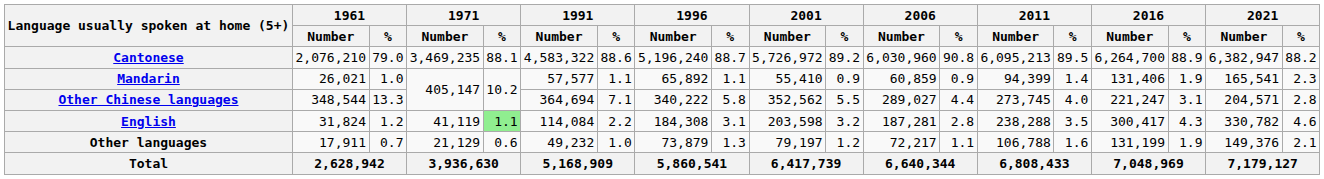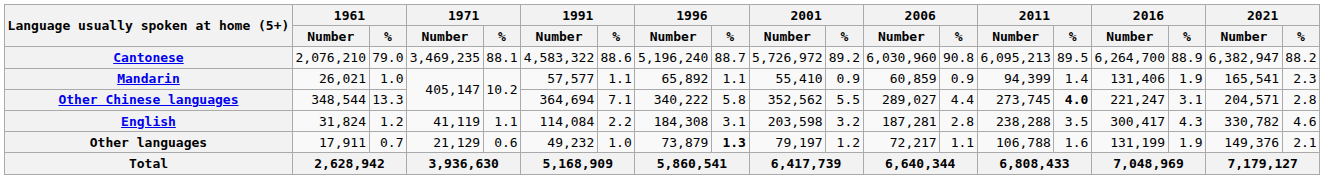 <table class="wikitable" style="text-align: right;">
 <tr bgcolor="#e0e0e0">
 <th rowspan="2">Language usually spoken at home (5+)</th>
 <th colspan="2">1961</th>
 <th colspan="2">1971</th>
 <th colspan="2">1991</th>
 <th colspan="2">1996</th>
 <th colspan="2">2001</th>
 <th colspan="2">2006</th>
 <th colspan="2">2011</th>
 <th colspan="2">2016</th>
 <th colspan="2">2021</th>
 </tr>
 <tr bgcolor="#e0e0e0">
 <th>Number</th>
 <th>%</th>
 <th>Number</th>
 <th>%</th>
 <th>Number</th>
 <th>%</th>
 <th>Number</th>
 <th>%</th>
 <th>Number</th>
 <th>%</th>
 <th>Number</th>
 <th>%</th>
 <th>Number</th>
 <th>%</th>
 <th>Number</th>
 <th>%</th>
 <th>Number</th>
 <th>%</th>
 </tr>
 <tr>
 <th align="left"><a href='#'>Cantonese</a></th>
 <td>2,076,210</td>
 <td>79.0</td>
 <td>3,469,235</td>
 <td>88.1</td>
 <td>4,583,322</td>
 <td>88.6</td>
 <td>5,196,240</td>
 <td>88.7</td>
 <td>5,726,972</td>
 <td>89.2</td>
 <td>6,030,960</td>
 <td>90.8</td>
 <td>6,095,213</td>
 <td>89.5</td>
 <td>6,264,700</td>
 <td>88.9</td>
 <td>6,382,947</td>
 <td>88.2</td>
 </tr>
 <tr>
 <th align="left"><a href='#'>Mandarin</a></th>
 <td>26,021</td>
 <td>1.0</td>
 <td rowspan="2">405,147</td>
 <td rowspan="2">10.2</td>
 <td>57,577</td>
 <td>1.1</td>
 <td>65,892</td>
 <td>1.1</td>
 <td>55,410</td>
 <td>0.9</td>
 <td>60,859</td>
 <td>0.9</td>
 <td>94,399</td>
 <td>1.4</td>
 <td>131,406</td>
 <td>1.9</td>
 <td>165,541</td>
 <td>2.3</td>
 </tr>
 <tr>
 <th align="left"><a href='#'>Other Chinese languages</a></th>
 <td>348,544</td>
 <td>13.3</td>
 <td>364,694</td>
 <td>7.1</td>
 <td>340,222</td>
 <td>5.8</td>
 <td>352,562</td>
 <td>5.5</td>
 <td>289,027</td>
 <td>4.4</td>
 <td>273,745</td>
-<td>4.0</td>
+<td><strong>4.0</strong></td>
 <td>221,247</td>
 <td>3.1</td>
 <td>204,571</td>
 <td>2.8</td>
 </tr>
 <tr>
 <th align="left"><a href='#'>English</a></th>
 <td>31,824</td>
 <td>1.2</td>
 <td>41,119</td>
-<td style="background: lightgreen;">1.1</td>
+<td>1.1</td>
 <td>114,084</td>
 <td>2.2</td>
 <td>184,308</td>
 <td>3.1</td>
 <td>203,598</td>
 <td>3.2</td>
 <td>187,281</td>
 <td>2.8</td>
 <td>238,288</td>
 <td>3.5</td>
 <td>300,417</td>
 <td>4.3</td>
 <td>330,782</td>
 <td>4.6</td>
 </tr>
 <tr>
 <th align="left">Other languages</th>
 <td>17,911</td>
 <td>0.7</td>
 <td>21,129</td>
 <td>0.6</td>
 <td>49,232</td>
 <td>1.0</td>
 <td>73,879</td>
-<td>1.3</td>
+<td><strong>1.3</strong></td>
 <td>79,197</td>
 <td>1.2</td>
 <td>72,217</td>
 <td>1.1</td>
 <td>106,788</td>
 <td>1.6</td>
 <td>131,199</td>
 <td>1.9</td>
 <td>149,376</td>
 <td>2.1</td>
 </tr>
 <tr bgcolor="#e0e0e0">
 <th align="left">Total</th>
 <th colspan="2">2,628,942</th>
 <th colspan="2">3,936,630</th>
 <th colspan="2">5,168,909</th>
 <th colspan="2">5,860,541</th>
 <th colspan="2">6,417,739</th>
 <th colspan="2">6,640,344</th>
 <th colspan="2">6,808,433</th>
 <th colspan="2">7,048,969</th>
 <th colspan="2">7,179,127</th>
 </tr>
 </table>
